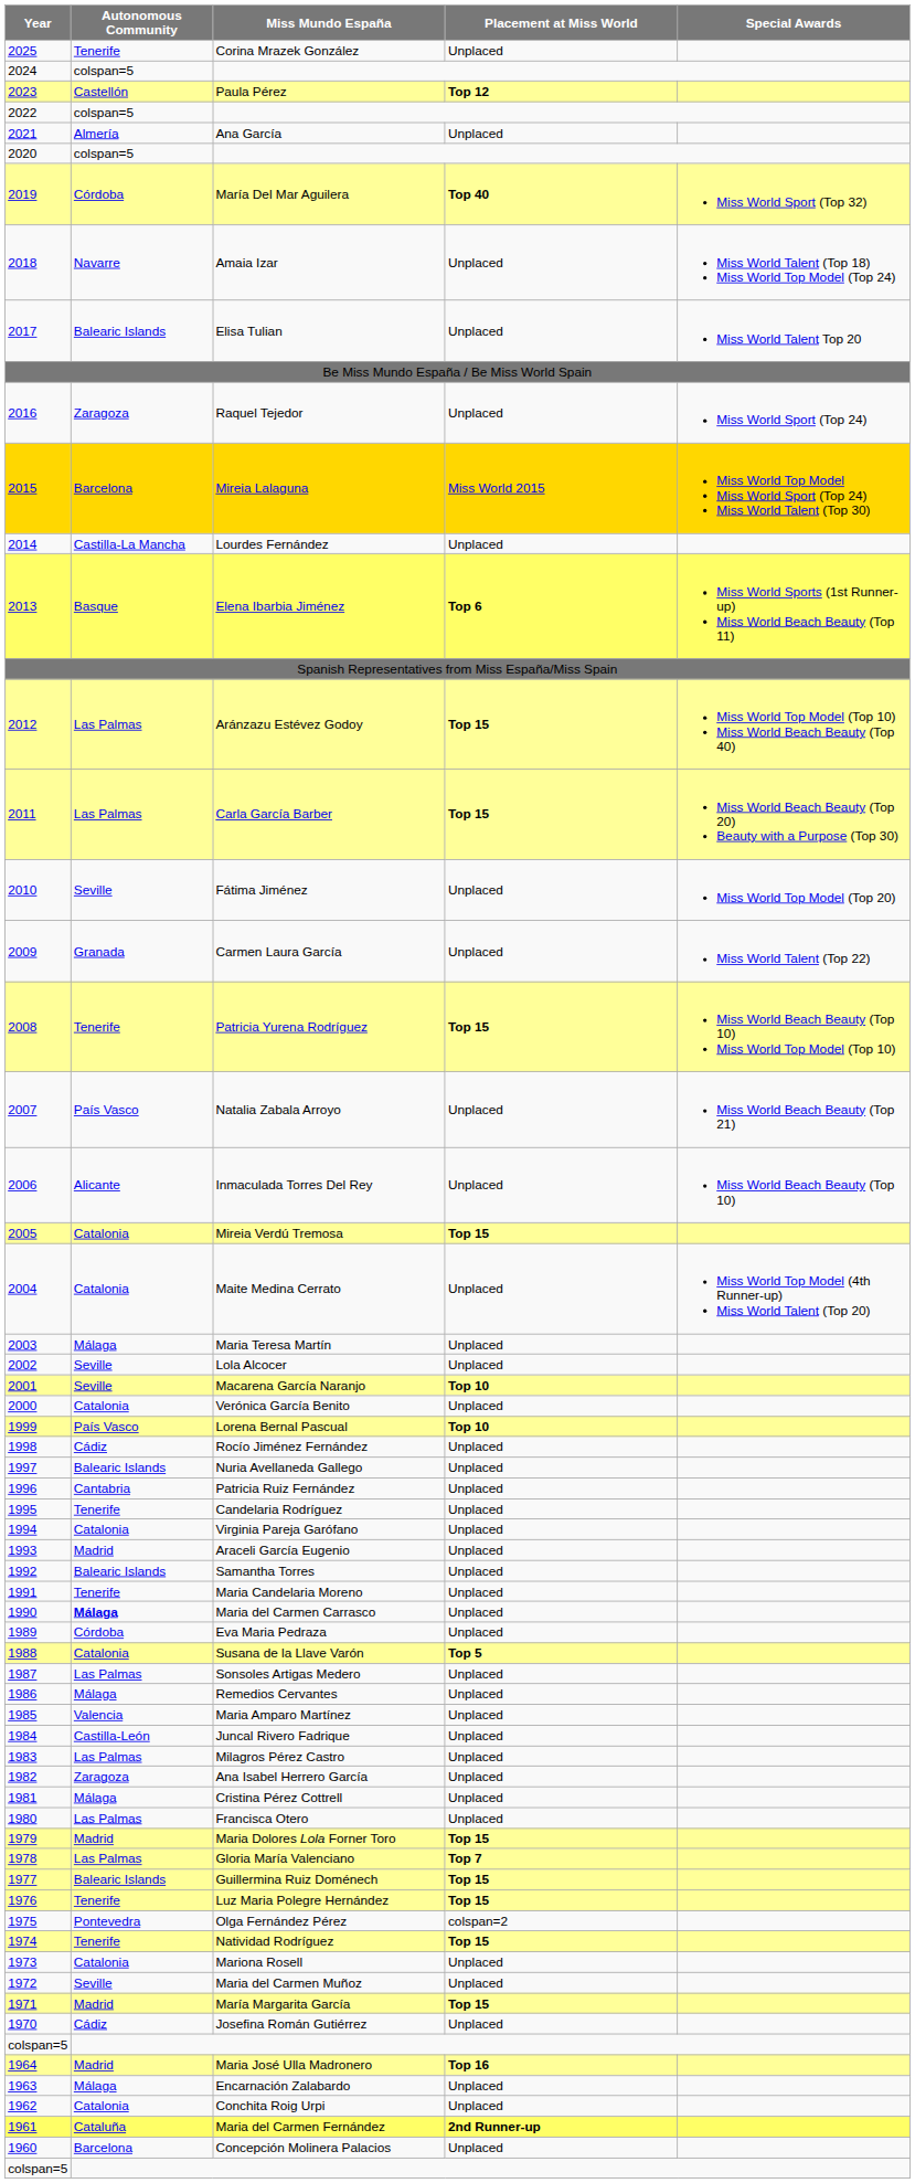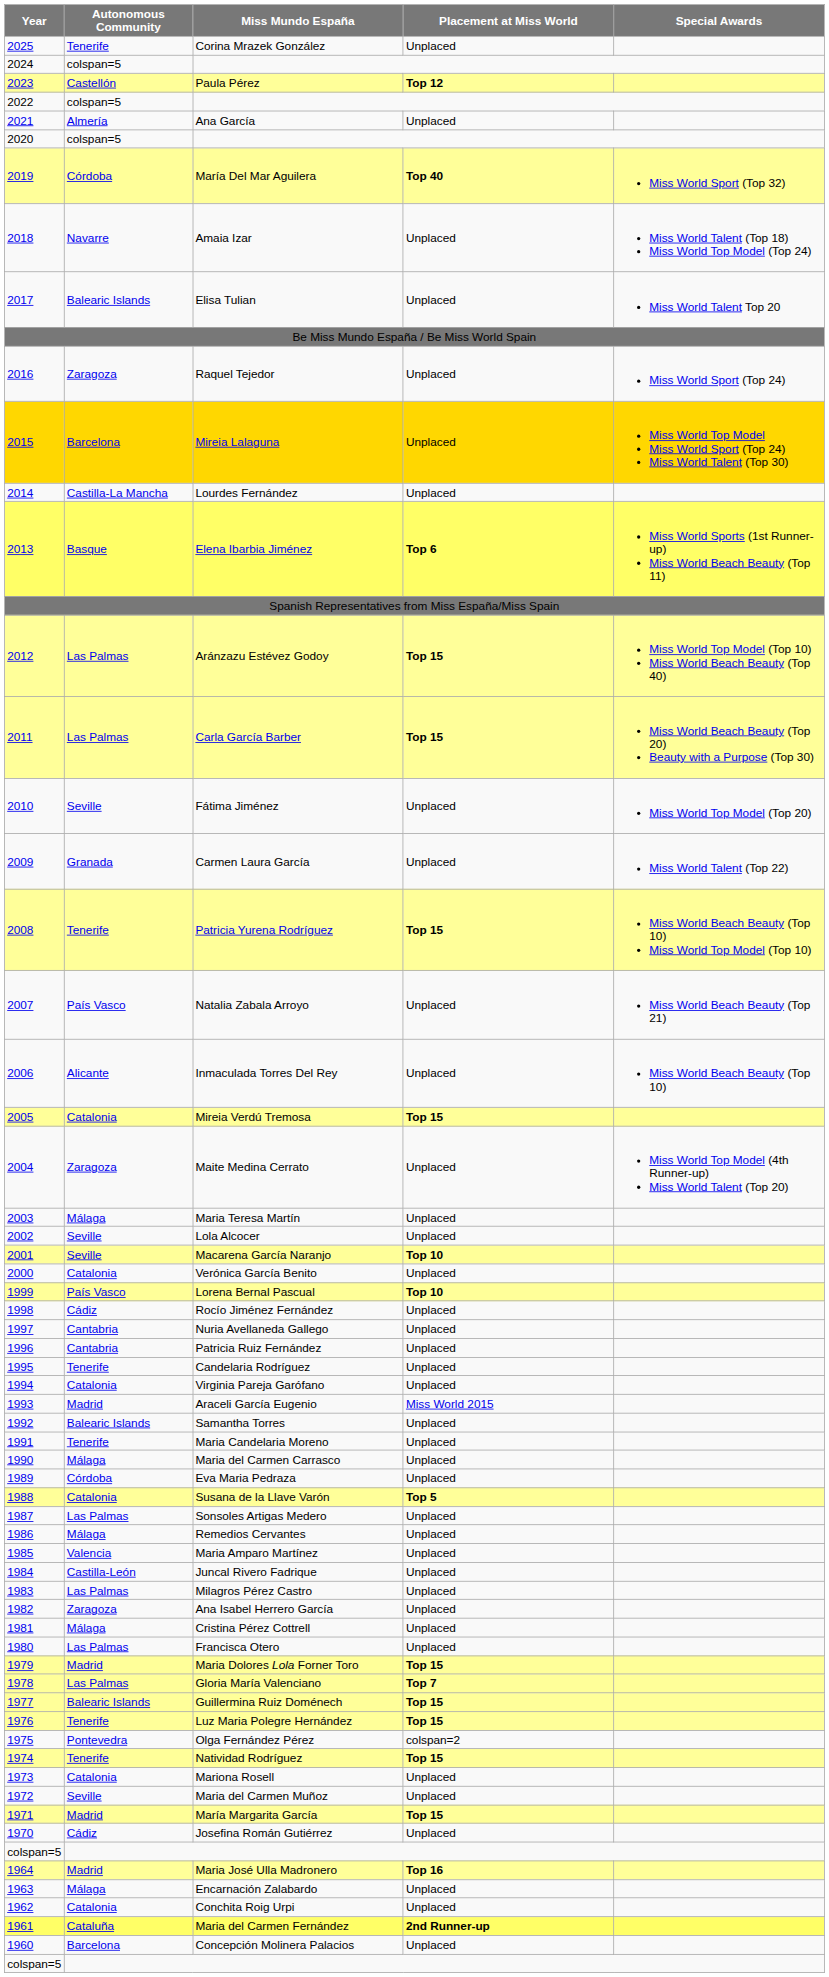 <table class="wikitable " style="font-size: 90%;">
 <tr>
 <th width="60" style="background-color:#787878;color:#FFFFFF;">Year</th>
 <th width="150" style="background-color:#787878;color:#FFFFFF;">Autonomous Community</th>
 <th width="250" style="background-color:#787878;color:#FFFFFF;">Miss Mundo España</th>
 <th width="250" style="background-color:#787878;color:#FFFFFF;">Placement at Miss World</th>
 <th width="250" style="background-color:#787878;color:#FFFFFF;">Special Awards</th>
 </tr>
 <tr>
 <td><a href='#'>2025</a></td>
 <td><a href='#'>Tenerife</a></td>
 <td>Corina Mrazek González</td>
 <td>Unplaced</td>
 <td></td>
 </tr>
 <tr>
 <td>2024</td>
 <td>colspan=5 </td>
 </tr>
 <tr style="background-color:#FFFF99;">
 <td><a href='#'>2023</a></td>
 <td><a href='#'>Castellón</a></td>
 <td>Paula Pérez</td>
 <td><strong>Top 12</strong></td>
 <td></td>
 </tr>
 <tr>
 <td>2022</td>
 <td>colspan=5 </td>
 </tr>
 <tr>
 <td><a href='#'>2021</a></td>
 <td><a href='#'>Almería</a></td>
 <td>Ana García</td>
 <td>Unplaced</td>
 <td></td>
 </tr>
 <tr>
 <td>2020</td>
 <td>colspan=5 </td>
 </tr>
 <tr style="background-color:#FFFF99;">
 <td><a href='#'>2019</a></td>
 <td><a href='#'>Córdoba</a></td>
 <td>María Del Mar Aguilera</td>
 <td><strong>Top 40</strong></td>
 <td align="left"><br><ul><li><a href='#'>Miss World Sport</a> (Top 32)</li></ul></td>
 </tr>
 <tr>
 <td><a href='#'>2018</a></td>
 <td><a href='#'>Navarre</a></td>
 <td>Amaia Izar</td>
 <td>Unplaced</td>
 <td align="left"><br><ul><li><a href='#'>Miss World Talent</a> (Top 18)</li><li><a href='#'>Miss World Top Model</a> (Top 24)</li></ul></td>
 </tr>
 <tr>
 <td><a href='#'>2017</a></td>
 <td><a href='#'>Balearic Islands</a></td>
 <td>Elisa Tulian</td>
 <td>Unplaced</td>
 <td align="left"><br><ul><li><a href='#'>Miss World Talent</a> Top 20</li></ul></td>
 </tr>
 <tr bgcolor="#787878" align="center">
 <td colspan="5"><span>Be Miss Mundo España / Be Miss World Spain</span></td>
 </tr>
 <tr>
 <td><a href='#'>2016</a></td>
 <td><a href='#'>Zaragoza</a></td>
 <td>Raquel Tejedor</td>
 <td>Unplaced</td>
 <td align="left"><br><ul><li><a href='#'>Miss World Sport</a> (Top 24)</li></ul></td>
 </tr>
 <tr style="background-color:GOLD">
 <td><a href='#'>2015</a></td>
 <td><a href='#'>Barcelona</a></td>
 <td><a href='#'>Mireia Lalaguna</a></td>
-<td><a href='#'>Miss World 2015</a></td>
+<td>Unplaced</td>
 <td align="left"><br><ul><li><a href='#'>Miss World Top Model</a></li><li><a href='#'>Miss World Sport</a> (Top 24)</li><li><a href='#'>Miss World Talent</a> (Top 30)</li></ul></td>
 </tr>
 <tr>
 <td><a href='#'>2014</a></td>
 <td><a href='#'>Castilla-La Mancha</a></td>
 <td>Lourdes Fernández</td>
 <td>Unplaced</td>
 <td></td>
 </tr>
 <tr style="background-color:#FFFF66;">
 <td><a href='#'>2013</a></td>
 <td><a href='#'>Basque</a></td>
 <td><a href='#'>Elena Ibarbia Jiménez</a></td>
 <td><strong>Top 6</strong></td>
 <td align="left"><br><ul><li><a href='#'>Miss World Sports</a> (1st Runner-up)</li><li><a href='#'>Miss World Beach Beauty</a> (Top 11)</li></ul></td>
 </tr>
 <tr bgcolor="#787878" align="center">
 <td colspan="5"><span>Spanish Representatives from Miss España/Miss Spain</span></td>
 </tr>
 <tr style="background-color:#FFFF99;">
 <td><a href='#'>2012</a></td>
 <td><a href='#'>Las Palmas</a></td>
 <td>Aránzazu Estévez Godoy</td>
 <td><strong>Top 15</strong></td>
 <td align="left"><br><ul><li><a href='#'>Miss World Top Model</a> (Top 10)</li><li><a href='#'>Miss World Beach Beauty</a> (Top 40)</li></ul></td>
 </tr>
 <tr style="background-color:#FFFF99;">
 <td><a href='#'>2011</a></td>
 <td><a href='#'>Las Palmas</a></td>
 <td><a href='#'>Carla García Barber</a></td>
 <td><strong>Top 15</strong></td>
 <td align="left"><br><ul><li><a href='#'>Miss World Beach Beauty</a> (Top 20)</li><li><a href='#'>Beauty with a Purpose</a> (Top 30)</li></ul></td>
 </tr>
 <tr>
 <td><a href='#'>2010</a></td>
 <td><a href='#'>Seville</a></td>
 <td>Fátima Jiménez</td>
 <td>Unplaced</td>
 <td align="left"><br><ul><li><a href='#'>Miss World Top Model</a> (Top 20)</li></ul></td>
 </tr>
 <tr>
 <td><a href='#'>2009</a></td>
 <td><a href='#'>Granada</a></td>
 <td>Carmen Laura García</td>
 <td>Unplaced</td>
 <td align="left"><br><ul><li><a href='#'>Miss World Talent</a> (Top 22)</li></ul></td>
 </tr>
 <tr style="background-color:#FFFF99;">
 <td><a href='#'>2008</a></td>
 <td><a href='#'>Tenerife</a></td>
 <td><a href='#'>Patricia Yurena Rodríguez</a></td>
 <td><strong>Top 15</strong></td>
 <td align="left"><br><ul><li><a href='#'>Miss World Beach Beauty</a> (Top 10)</li><li><a href='#'>Miss World Top Model</a> (Top 10)</li></ul></td>
 </tr>
 <tr>
 <td><a href='#'>2007</a></td>
 <td><a href='#'>País Vasco</a></td>
 <td>Natalia Zabala Arroyo</td>
 <td>Unplaced</td>
 <td align="left"><br><ul><li><a href='#'>Miss World Beach Beauty</a> (Top 21)</li></ul></td>
 </tr>
 <tr>
 <td><a href='#'>2006</a></td>
 <td><a href='#'>Alicante</a></td>
 <td>Inmaculada Torres Del Rey</td>
 <td>Unplaced</td>
 <td align="left"><br><ul><li><a href='#'>Miss World Beach Beauty</a> (Top 10)</li></ul></td>
 </tr>
 <tr style="background-color:#FFFF99;">
 <td><a href='#'>2005</a></td>
 <td><a href='#'>Catalonia</a></td>
 <td>Mireia Verdú Tremosa</td>
 <td><strong>Top 15</strong></td>
 <td></td>
 </tr>
 <tr>
 <td><a href='#'>2004</a></td>
-<td><a href='#'>Catalonia</a></td>
+<td><a href='#'>Zaragoza</a></td>
 <td>Maite Medina Cerrato</td>
 <td>Unplaced</td>
 <td align="left"><br><ul><li><a href='#'>Miss World Top Model</a> (4th Runner-up)</li><li><a href='#'>Miss World Talent</a> (Top 20)</li></ul></td>
 </tr>
 <tr>
 <td><a href='#'>2003</a></td>
 <td><a href='#'>Málaga</a></td>
 <td>Maria Teresa Martín</td>
 <td>Unplaced</td>
 <td></td>
 </tr>
 <tr>
 <td><a href='#'>2002</a></td>
 <td><a href='#'>Seville</a></td>
 <td>Lola Alcocer</td>
 <td>Unplaced</td>
 <td></td>
 </tr>
 <tr style="background-color:#FFFF99;">
 <td><a href='#'>2001</a></td>
 <td><a href='#'>Seville</a></td>
 <td>Macarena García Naranjo</td>
 <td><strong>Top 10</strong></td>
 <td></td>
 </tr>
 <tr>
 <td><a href='#'>2000</a></td>
 <td><a href='#'>Catalonia</a></td>
 <td>Verónica García Benito</td>
 <td>Unplaced</td>
 <td></td>
 </tr>
 <tr style="background-color:#FFFF99;">
 <td><a href='#'>1999</a></td>
 <td><a href='#'>País Vasco</a></td>
 <td>Lorena Bernal Pascual</td>
 <td><strong>Top 10</strong></td>
 <td></td>
 </tr>
 <tr>
 <td><a href='#'>1998</a></td>
 <td><a href='#'>Cádiz</a></td>
 <td>Rocío Jiménez Fernández</td>
 <td>Unplaced</td>
 <td></td>
 </tr>
 <tr>
 <td><a href='#'>1997</a></td>
-<td><a href='#'>Balearic Islands</a></td>
+<td><a href='#'>Cantabria</a></td>
 <td>Nuria Avellaneda Gallego</td>
 <td>Unplaced</td>
 <td></td>
 </tr>
 <tr>
 <td><a href='#'>1996</a></td>
 <td><a href='#'>Cantabria</a></td>
 <td>Patricia Ruiz Fernández</td>
 <td>Unplaced</td>
 <td></td>
 </tr>
 <tr>
 <td><a href='#'>1995</a></td>
 <td><a href='#'>Tenerife</a></td>
 <td>Candelaria Rodríguez</td>
 <td>Unplaced</td>
 <td></td>
 </tr>
 <tr>
 <td><a href='#'>1994</a></td>
 <td><a href='#'>Catalonia</a></td>
 <td>Virginia Pareja Garófano</td>
 <td>Unplaced</td>
 <td></td>
 </tr>
 <tr>
 <td><a href='#'>1993</a></td>
 <td><a href='#'>Madrid</a></td>
 <td>Araceli García Eugenio</td>
-<td>Unplaced</td>
+<td><a href='#'>Miss World 2015</a></td>
 <td></td>
 </tr>
 <tr>
 <td><a href='#'>1992</a></td>
 <td><a href='#'>Balearic Islands</a></td>
 <td>Samantha Torres</td>
 <td>Unplaced</td>
 <td></td>
 </tr>
 <tr>
 <td><a href='#'>1991</a></td>
 <td><a href='#'>Tenerife</a></td>
 <td>Maria Candelaria Moreno</td>
 <td>Unplaced</td>
 <td></td>
 </tr>
 <tr>
 <td><a href='#'>1990</a></td>
-<td><strong><a href='#'>Málaga</a></strong></td>
+<td><a href='#'>Málaga</a></td>
 <td>Maria del Carmen Carrasco</td>
 <td>Unplaced</td>
 <td></td>
 </tr>
 <tr>
 <td><a href='#'>1989</a></td>
 <td><a href='#'>Córdoba</a></td>
 <td>Eva Maria Pedraza</td>
 <td>Unplaced</td>
 <td></td>
 </tr>
 <tr style="background-color:#FFFF99;">
 <td><a href='#'>1988</a></td>
 <td><a href='#'>Catalonia</a></td>
 <td>Susana de la Llave Varón</td>
 <td><strong>Top 5</strong></td>
 <td></td>
 </tr>
 <tr>
 <td><a href='#'>1987</a></td>
 <td><a href='#'>Las Palmas</a></td>
 <td>Sonsoles Artigas Medero</td>
 <td>Unplaced</td>
 <td></td>
 </tr>
 <tr>
 <td><a href='#'>1986</a></td>
 <td><a href='#'>Málaga</a></td>
 <td>Remedios Cervantes</td>
 <td>Unplaced</td>
 <td></td>
 </tr>
 <tr>
 <td><a href='#'>1985</a></td>
 <td><a href='#'>Valencia</a></td>
 <td>Maria Amparo Martínez</td>
 <td>Unplaced</td>
 <td></td>
 </tr>
 <tr>
 <td><a href='#'>1984</a></td>
 <td><a href='#'>Castilla-León</a></td>
 <td>Juncal Rivero Fadrique</td>
 <td>Unplaced</td>
 <td></td>
 </tr>
 <tr>
 <td><a href='#'>1983</a></td>
 <td><a href='#'>Las Palmas</a></td>
 <td>Milagros Pérez Castro</td>
 <td>Unplaced</td>
 <td></td>
 </tr>
 <tr>
 <td><a href='#'>1982</a></td>
 <td><a href='#'>Zaragoza</a></td>
 <td>Ana Isabel Herrero García</td>
 <td>Unplaced</td>
 <td></td>
 </tr>
 <tr>
 <td><a href='#'>1981</a></td>
 <td><a href='#'>Málaga</a></td>
 <td>Cristina Pérez Cottrell</td>
 <td>Unplaced</td>
 <td></td>
 </tr>
 <tr>
 <td><a href='#'>1980</a></td>
 <td><a href='#'>Las Palmas</a></td>
 <td>Francisca Otero</td>
 <td>Unplaced</td>
 <td></td>
 </tr>
 <tr style="background-color:#FFFF99;">
 <td><a href='#'>1979</a></td>
 <td><a href='#'>Madrid</a></td>
 <td>Maria Dolores <em>Lola</em> Forner Toro</td>
 <td><strong>Top 15</strong></td>
 <td></td>
 </tr>
 <tr style="background-color:#FFFF99;">
 <td><a href='#'>1978</a></td>
 <td><a href='#'>Las Palmas</a></td>
 <td>Gloria María Valenciano</td>
 <td><strong>Top 7</strong></td>
 <td></td>
 </tr>
 <tr style="background-color:#FFFF99;">
 <td><a href='#'>1977</a></td>
 <td><a href='#'>Balearic Islands</a></td>
 <td>Guillermina Ruiz Doménech</td>
 <td><strong>Top 15</strong></td>
 <td></td>
 </tr>
 <tr style="background-color:#FFFF99;">
 <td><a href='#'>1976</a></td>
 <td><a href='#'>Tenerife</a></td>
 <td>Luz Maria Polegre Hernández</td>
 <td><strong>Top 15</strong></td>
 <td></td>
 </tr>
 <tr>
 <td><a href='#'>1975</a></td>
 <td><a href='#'>Pontevedra</a></td>
 <td>Olga Fernández Pérez</td>
 <td>colspan=2 </td>
 </tr>
 <tr style="background-color:#FFFF99;">
 <td><a href='#'>1974</a></td>
 <td><a href='#'>Tenerife</a></td>
 <td>Natividad Rodríguez</td>
 <td><strong>Top 15</strong></td>
 <td></td>
 </tr>
 <tr>
 <td><a href='#'>1973</a></td>
 <td><a href='#'>Catalonia</a></td>
 <td>Mariona Rosell</td>
 <td>Unplaced</td>
 <td></td>
 </tr>
 <tr>
 <td><a href='#'>1972</a></td>
 <td><a href='#'>Seville</a></td>
 <td>Maria del Carmen Muñoz</td>
 <td>Unplaced</td>
 <td></td>
 </tr>
 <tr style="background-color:#FFFF99;">
 <td><a href='#'>1971</a></td>
 <td><a href='#'>Madrid</a></td>
 <td>María Margarita García</td>
 <td><strong>Top 15</strong></td>
 <td></td>
 </tr>
 <tr>
 <td><a href='#'>1970</a></td>
 <td><a href='#'>Cádiz</a></td>
 <td>Josefina Román Gutiérrez</td>
 <td>Unplaced</td>
 <td></td>
 </tr>
 <tr>
 <td>colspan=5 </td>
 </tr>
 <tr style="background-color:#FFFF99;">
 <td><a href='#'>1964</a></td>
 <td><a href='#'>Madrid</a></td>
 <td>Maria José Ulla Madronero</td>
 <td><strong>Top 16</strong></td>
 <td></td>
 </tr>
 <tr>
 <td><a href='#'>1963</a></td>
 <td><a href='#'>Málaga</a></td>
 <td>Encarnación Zalabardo</td>
 <td>Unplaced</td>
 <td></td>
 </tr>
 <tr>
 <td><a href='#'>1962</a></td>
 <td><a href='#'>Catalonia</a></td>
 <td>Conchita Roig Urpi</td>
 <td>Unplaced</td>
 <td></td>
 </tr>
 <tr style="background-color:#FFFF66; ">
 <td><a href='#'>1961</a></td>
 <td><a href='#'>Cataluña</a></td>
 <td>Maria del Carmen Fernández</td>
 <td><strong>2nd Runner-up</strong></td>
 <td></td>
 </tr>
 <tr>
 <td><a href='#'>1960</a></td>
 <td><a href='#'>Barcelona</a></td>
 <td>Concepción Molinera Palacios</td>
 <td>Unplaced</td>
 <td></td>
 </tr>
 <tr>
 <td>colspan=5 </td>
 </tr>
 </table>
